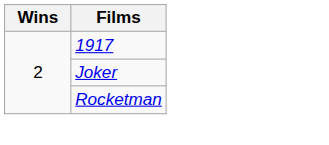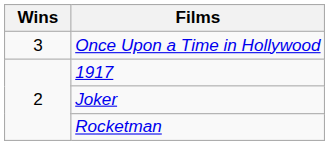 <table class="wikitable">
 <tr>
 <th scope="col" style="width:55px;">Wins</th>
 <th scope="col" style="text-align:center;">Films</th>
+</tr>
+<tr>
+<td rowspan="1" style="text-align:center">3</td>
+<td><em><a href='#'>Once Upon a Time in Hollywood</a></em></td>
 </tr>
 <tr>
 <td rowspan="3" style="text-align:center">2</td>
 <td><em><a href='#'>1917</a></em></td>
 </tr>
 <tr>
 <td><em><a href='#'>Joker</a></em></td>
 </tr>
 <tr>
 <td><em><a href='#'>Rocketman</a></em></td>
 </tr>
 </table>
